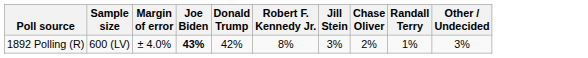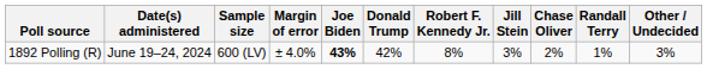 <table class="wikitable sortable mw-datatable" style="font-size:90%;text-align:center;line-height:17px">
 <tr valign=bottom>
 <th>Poll source</th>
+<th>Date(s)<br>administered</th>
 <th>Sample<br>size</th>
 <th>Margin<br>of error</th>
 <th class="unsortable">Joe<br>Biden<br></th>
 <th class="unsortable">Donald<br>Trump<br></th>
 <th class="unsortable">Robert F.<br>Kennedy Jr.<br></th>
 <th class="unsortable">Jill<br>Stein<br></th>
 <th class="unsortable">Chase<br>Oliver<br></th>
 <th class="unsortable">Randall<br>Terry<br></th>
 <th class="unsortable">Other /<br>Undecided</th>
 </tr>
 <tr>
 <td style="text-align:left;">1892 Polling (R)</td>
+<td data-sort-value="2023-08-28">June 19–24, 2024</td>
 <td>600 (LV)</td>
 <td>± 4.0%</td>
 <td style="color:black;background-color:"><strong>43%</strong></td>
 <td>42%</td>
 <td>8%</td>
 <td>3%</td>
 <td>2%</td>
 <td>1%</td>
 <td>3%</td>
 </tr>
 </table>
